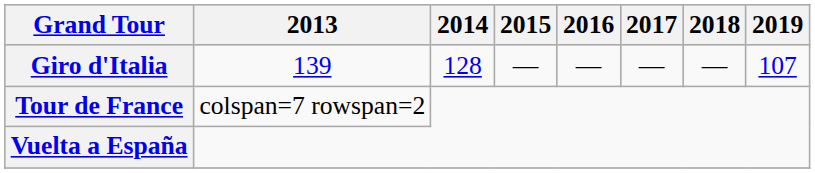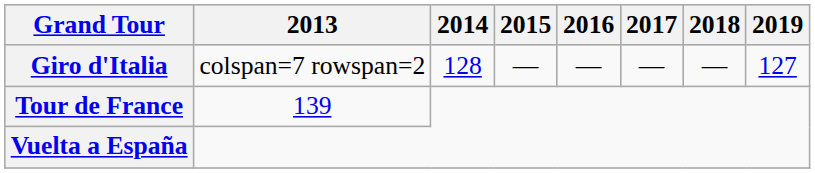 <table class="wikitable plainrowheaders">
 <tr>
 <th scope="col"><a href='#'>Grand Tour</a></th>
 <th scope="col">2013</th>
 <th scope="col">2014</th>
 <th scope="col">2015</th>
 <th scope="col">2016</th>
 <th scope="col">2017</th>
 <th scope="col">2018</th>
 <th scope="col">2019</th>
 </tr>
 <tr style="text-align:center;">
 <th scope="row"> <a href='#'>Giro d'Italia</a></th>
-<td><a href='#'>139</a></td>
+<td>colspan=7 rowspan=2 </td>
 <td><a href='#'>128</a></td>
 <td>—</td>
 <td>—</td>
 <td>—</td>
 <td>—</td>
-<td><a href='#'>107</a></td>
+<td><a href='#'>127</a></td>
 </tr>
 <tr style="text-align:center;">
 <th scope="row"> <a href='#'>Tour de France</a></th>
-<td>colspan=7 rowspan=2 </td>
+<td><a href='#'>139</a></td>
 </tr>
 <tr style="text-align:center;">
 <th scope="row"> <a href='#'>Vuelta a España</a></th>
 </tr>
 </table>
